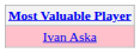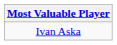 <table class=wikitable style="text-align:center">
 <tr>
 <th><a href='#'>Most Valuable Player</a></th>
 </tr>
 <tr>
-<td style="background: pink;"> <a href='#'>Ivan Aska</a></td>
+<td> <a href='#'>Ivan Aska</a></td>
 </tr>
 </table>
